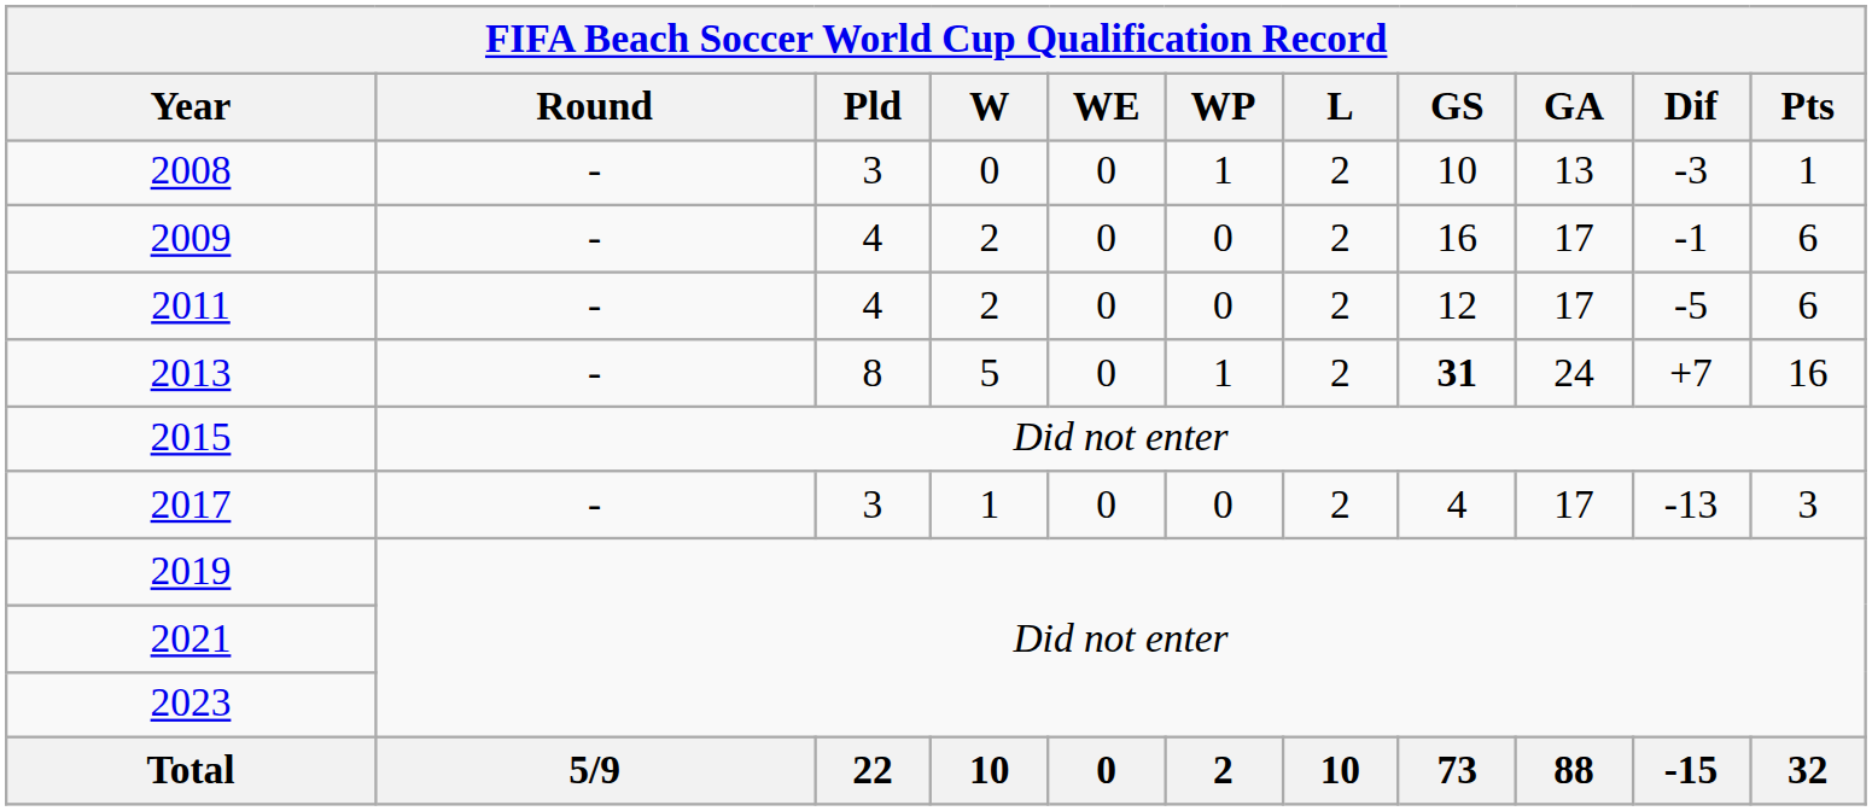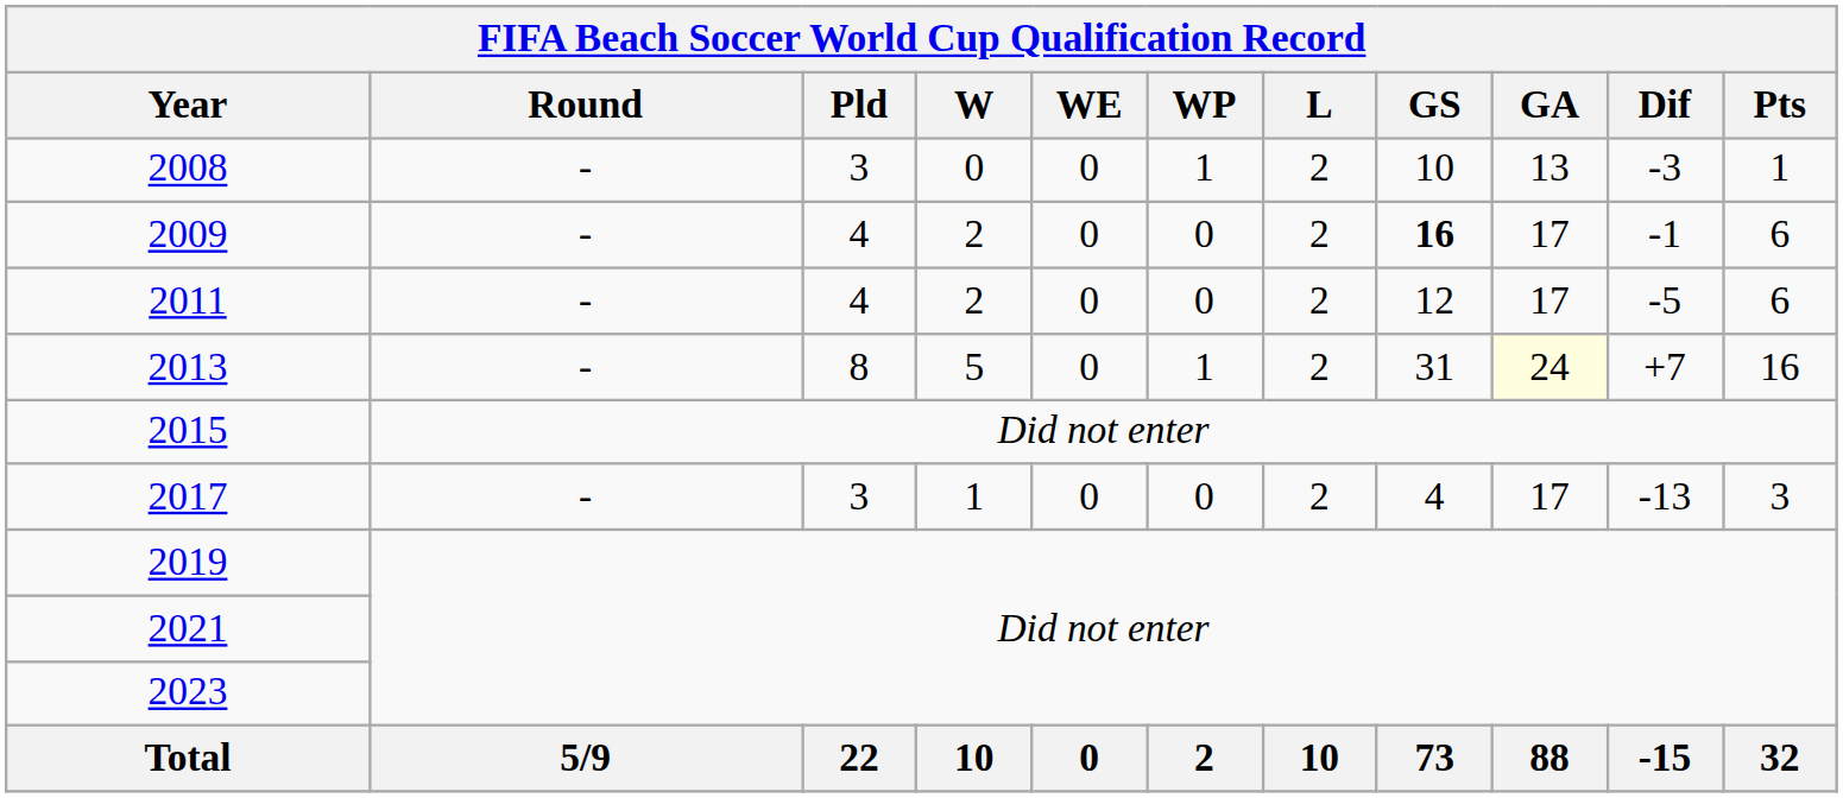 <table class="wikitable" style="text-align: center;font-size:90%;">
 <tr>
 <th colspan=11><a href='#'>FIFA Beach Soccer World Cup Qualification Record</a></th>
 </tr>
 <tr>
 <th width=125>Year</th>
 <th width=150>Round</th>
 <th width=35>Pld</th>
 <th width=35>W</th>
 <th width=35>WE</th>
 <th width=35>WP</th>
 <th width=35>L</th>
 <th width=35>GS</th>
 <th width=35>GA</th>
 <th width=35>Dif</th>
 <th width=35>Pts</th>
 </tr>
 <tr>
 <td> <a href='#'>2008</a></td>
 <td>-</td>
 <td>3</td>
 <td>0</td>
 <td>0</td>
 <td>1</td>
 <td>2</td>
 <td>10</td>
 <td>13</td>
 <td>-3</td>
 <td>1</td>
 </tr>
 <tr>
 <td> <a href='#'>2009</a></td>
 <td>-</td>
 <td>4</td>
 <td>2</td>
 <td>0</td>
 <td>0</td>
 <td>2</td>
-<td>16</td>
+<td><strong>16</strong></td>
 <td>17</td>
 <td>-1</td>
 <td>6</td>
 </tr>
 <tr>
 <td> <a href='#'>2011</a></td>
 <td>-</td>
 <td>4</td>
 <td>2</td>
 <td>0</td>
 <td>0</td>
 <td>2</td>
 <td>12</td>
 <td>17</td>
 <td>-5</td>
 <td>6</td>
 </tr>
 <tr>
 <td> <a href='#'>2013</a></td>
 <td>-</td>
 <td>8</td>
 <td>5</td>
 <td>0</td>
 <td>1</td>
 <td>2</td>
-<td><strong>31</strong></td>
-<td>24</td>
+<td>31</td>
+<td style="background: lightyellow;">24</td>
 <td>+7</td>
 <td>16</td>
 </tr>
 <tr>
 <td> <a href='#'>2015</a></td>
 <td colspan=10><em>Did not enter</em></td>
 </tr>
 <tr>
 <td> <a href='#'>2017</a></td>
 <td>-</td>
 <td>3</td>
 <td>1</td>
 <td>0</td>
 <td>0</td>
 <td>2</td>
 <td>4</td>
 <td>17</td>
 <td>-13</td>
 <td>3</td>
 </tr>
 <tr>
 <td> <a href='#'>2019</a></td>
 <td rowspan=3 colspan=10><em>Did not enter</em></td>
 </tr>
 <tr>
 <td> <a href='#'>2021</a></td>
 </tr>
 <tr>
 <td> <a href='#'>2023</a></td>
 </tr>
 <tr>
 <th><strong>Total</strong></th>
 <th>5/9</th>
 <th>22</th>
 <th>10</th>
 <th>0</th>
 <th>2</th>
 <th>10</th>
 <th>73</th>
 <th>88</th>
 <th>-15</th>
 <th>32</th>
 </tr>
 </table>
